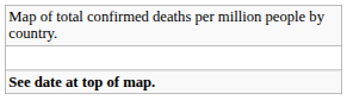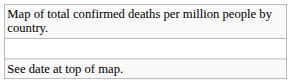 <table class=wikitable>
 <tr>
 <td style=max-width:350px>Map of total confirmed deaths per million people by country.</td>
 </tr>
 <tr>
 <td style=background-color:white;><br></td>
 </tr>
 <tr>
-<td style=max-width:350px><strong>See date at top of map.</strong></td>
+<td style=max-width:350px>See date at top of map.</td>
 </tr>
 </table>
